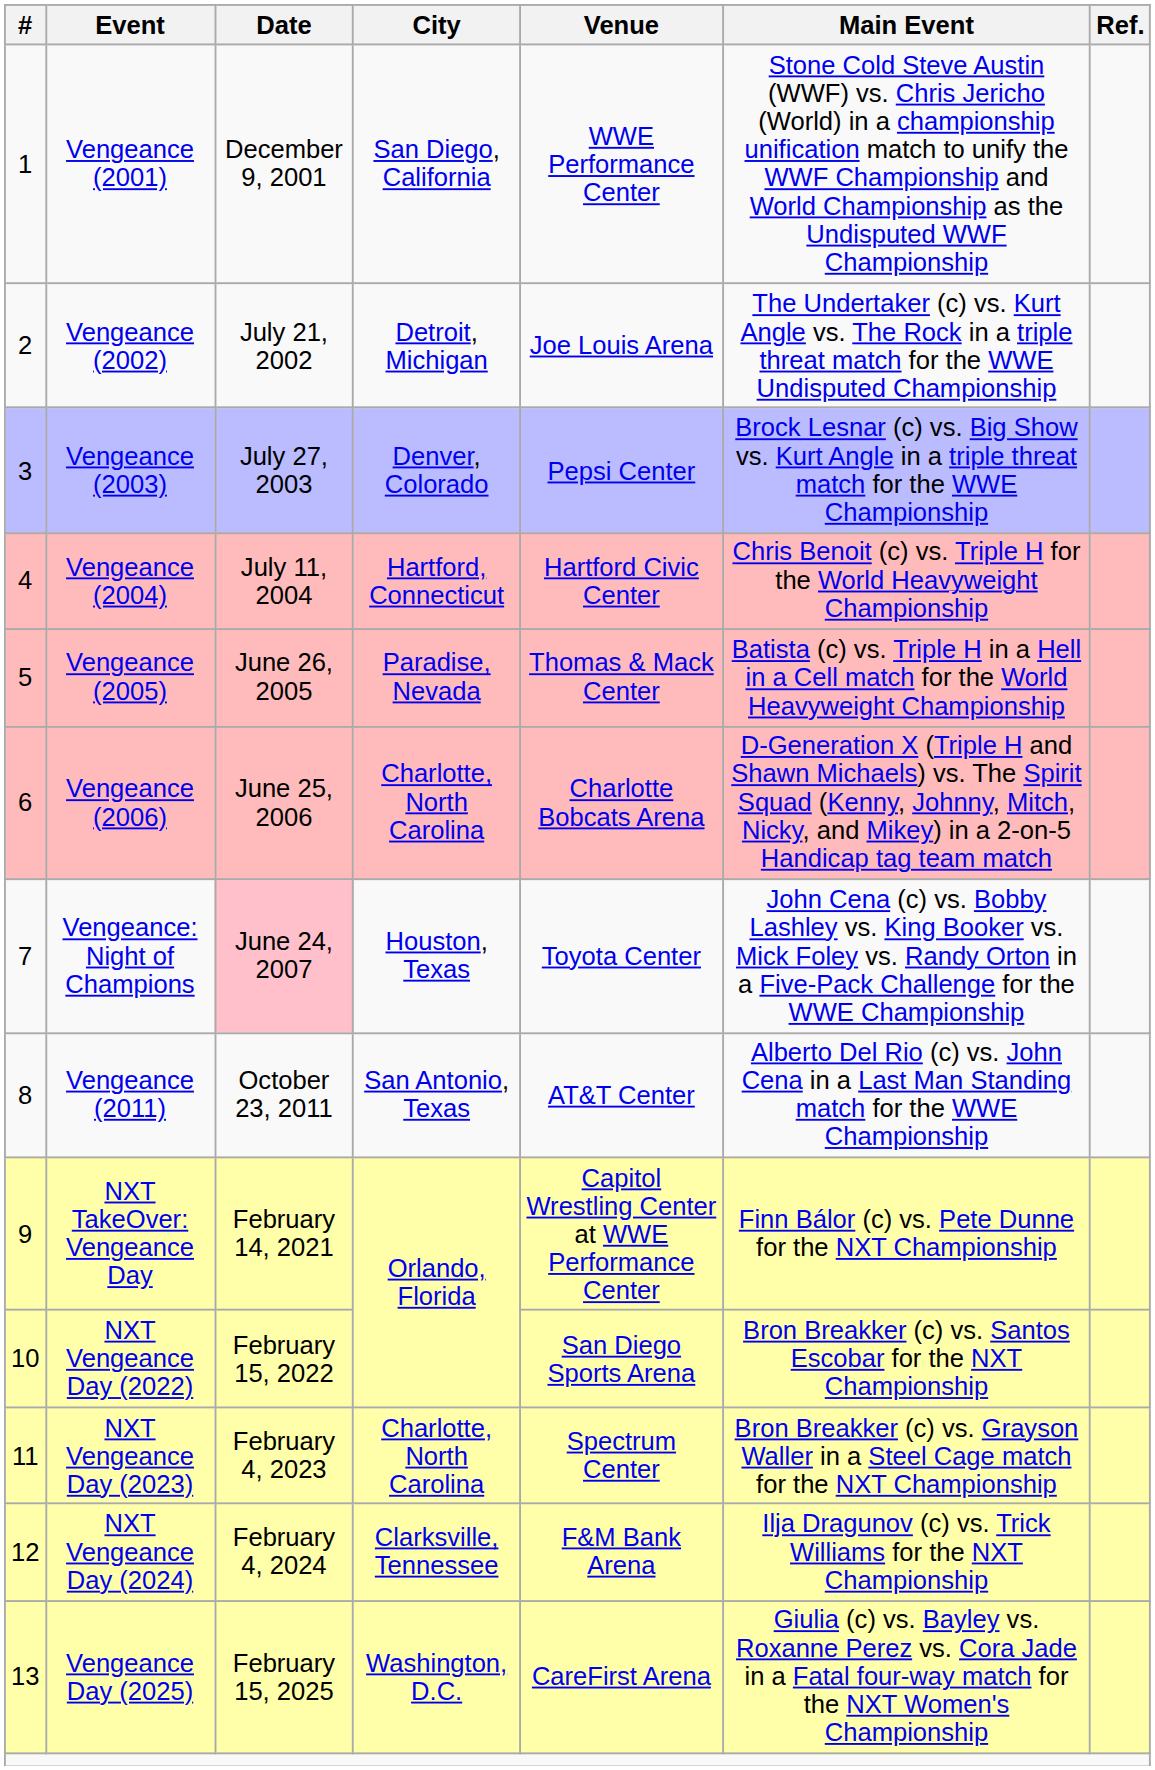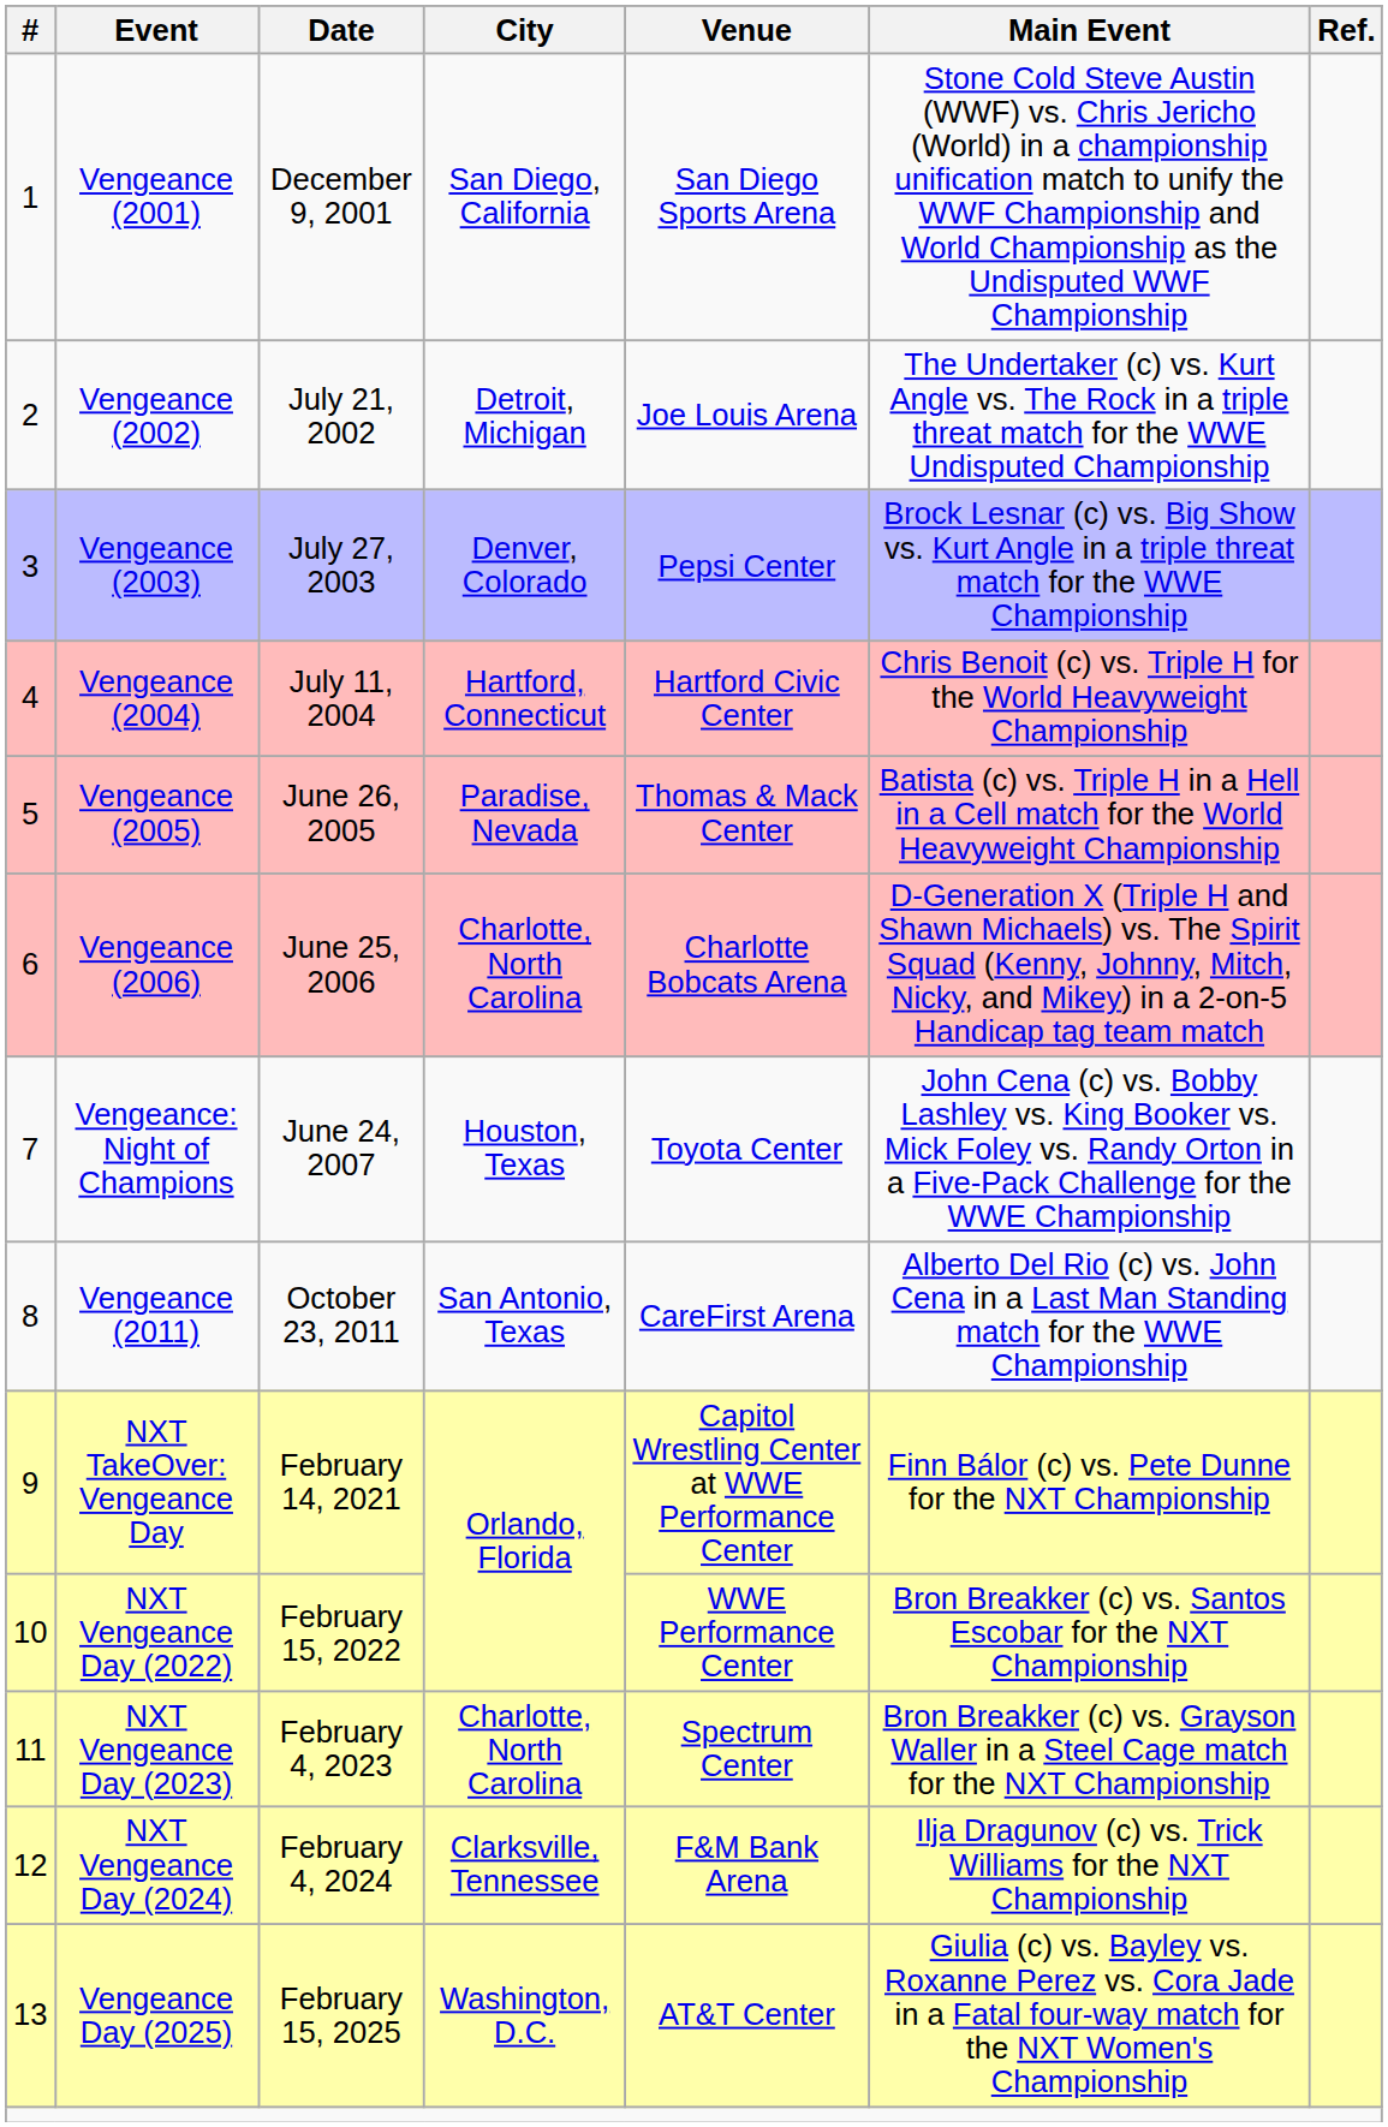 <table class="sortable wikitable succession-box" style="font-size:85%; text-align:center;">
 <tr>
 <th>#</th>
 <th>Event</th>
 <th>Date</th>
 <th>City</th>
 <th>Venue</th>
 <th>Main Event</th>
 <th>Ref.</th>
 </tr>
 <tr>
 <td>1</td>
 <td><a href='#'>Vengeance (2001)</a></td>
 <td>December 9, 2001</td>
 <td><a href='#'>San Diego</a>, <a href='#'>California</a></td>
-<td><a href='#'>WWE Performance Center</a></td>
+<td><a href='#'>San Diego Sports Arena</a></td>
 <td><a href='#'>Stone Cold Steve Austin</a> (WWF) vs. <a href='#'>Chris Jericho</a> (World) in a <a href='#'>championship unification</a> match to unify the <a href='#'>WWF Championship</a> and <a href='#'>World Championship</a> as the <a href='#'>Undisputed WWF Championship</a></td>
 <td></td>
 </tr>
 <tr>
 <td>2</td>
 <td><a href='#'>Vengeance (2002)</a></td>
 <td>July 21, 2002</td>
 <td><a href='#'>Detroit</a>, <a href='#'>Michigan</a></td>
 <td><a href='#'>Joe Louis Arena</a></td>
 <td><a href='#'>The Undertaker</a> (c) vs. <a href='#'>Kurt Angle</a> vs. <a href='#'>The Rock</a> in a <a href='#'>triple threat match</a> for the <a href='#'>WWE Undisputed Championship</a></td>
 <td></td>
 </tr>
 <tr style="background:#BBF;">
 <td>3</td>
 <td><a href='#'>Vengeance (2003)</a></td>
 <td>July 27, 2003</td>
 <td><a href='#'>Denver</a>, <a href='#'>Colorado</a></td>
 <td><a href='#'>Pepsi Center</a></td>
 <td><a href='#'>Brock Lesnar</a> (c) vs. <a href='#'>Big Show</a> vs. <a href='#'>Kurt Angle</a> in a <a href='#'>triple threat match</a> for the <a href='#'>WWE Championship</a></td>
 <td></td>
 </tr>
 <tr style="background: #FBB;">
 <td>4</td>
 <td><a href='#'>Vengeance (2004)</a></td>
 <td>July 11, 2004</td>
 <td><a href='#'>Hartford, Connecticut</a></td>
 <td><a href='#'>Hartford Civic Center</a></td>
 <td><a href='#'>Chris Benoit</a> (c) vs. <a href='#'>Triple H</a> for the <a href='#'>World Heavyweight Championship</a></td>
 <td></td>
 </tr>
 <tr style="background: #FBB;">
 <td>5</td>
 <td><a href='#'>Vengeance (2005)</a></td>
 <td>June 26, 2005</td>
 <td><a href='#'>Paradise, Nevada</a></td>
 <td><a href='#'>Thomas & Mack Center</a></td>
 <td><a href='#'>Batista</a> (c) vs. <a href='#'>Triple H</a> in a <a href='#'>Hell in a Cell match</a> for the <a href='#'>World Heavyweight Championship</a></td>
 <td></td>
 </tr>
 <tr style="background: #FBB;">
 <td>6</td>
 <td><a href='#'>Vengeance (2006)</a></td>
 <td>June 25, 2006</td>
 <td><a href='#'>Charlotte, North Carolina</a></td>
 <td><a href='#'>Charlotte Bobcats Arena</a></td>
 <td><a href='#'>D-Generation X</a> (<a href='#'>Triple H</a> and <a href='#'>Shawn Michaels</a>) vs. The <a href='#'>Spirit Squad</a> (<a href='#'>Kenny</a>, <a href='#'>Johnny</a>, <a href='#'>Mitch</a>, <a href='#'>Nicky</a>, and <a href='#'>Mikey</a>) in a 2-on-5 <a href='#'>Handicap tag team match</a></td>
 <td></td>
 </tr>
 <tr>
 <td>7</td>
 <td><a href='#'>Vengeance: Night of Champions</a></td>
-<td style="background: pink;">June 24, 2007</td>
+<td>June 24, 2007</td>
 <td><a href='#'>Houston</a>, <a href='#'>Texas</a></td>
 <td><a href='#'>Toyota Center</a></td>
 <td><a href='#'>John Cena</a> (c) vs. <a href='#'>Bobby Lashley</a> vs. <a href='#'>King Booker</a> vs. <a href='#'>Mick Foley</a> vs. <a href='#'>Randy Orton</a> in a <a href='#'>Five-Pack Challenge</a> for the <a href='#'>WWE Championship</a></td>
 <td></td>
 </tr>
 <tr>
 <td>8</td>
 <td><a href='#'>Vengeance (2011)</a></td>
 <td>October 23, 2011</td>
 <td><a href='#'>San Antonio</a>, <a href='#'>Texas</a></td>
-<td><a href='#'>AT&T Center</a></td>
+<td><a href='#'>CareFirst Arena</a></td>
 <td><a href='#'>Alberto Del Rio</a> (c) vs. <a href='#'>John Cena</a> in a <a href='#'>Last Man Standing match</a> for the <a href='#'>WWE Championship</a></td>
 <td></td>
 </tr>
 <tr style="background: #FFA;">
 <td>9</td>
 <td><a href='#'>NXT TakeOver: Vengeance Day</a></td>
 <td>February 14, 2021</td>
 <td rowspan="2"><a href='#'>Orlando, Florida</a></td>
 <td><a href='#'>Capitol Wrestling Center</a> at <a href='#'>WWE Performance Center</a></td>
 <td><a href='#'>Finn Bálor</a> (c) vs. <a href='#'>Pete Dunne</a> for the <a href='#'>NXT Championship</a></td>
 <td></td>
 </tr>
 <tr style="background: #FFA;">
 <td>10</td>
 <td><a href='#'>NXT Vengeance Day (2022)</a></td>
 <td>February 15, 2022</td>
-<td><a href='#'>San Diego Sports Arena</a></td>
+<td><a href='#'>WWE Performance Center</a></td>
 <td><a href='#'>Bron Breakker</a> (c) vs. <a href='#'>Santos Escobar</a> for the <a href='#'>NXT Championship</a></td>
 <td></td>
 </tr>
 <tr style="background: #FFA;">
 <td>11</td>
 <td><a href='#'>NXT Vengeance Day (2023)</a></td>
 <td>February 4, 2023</td>
 <td><a href='#'>Charlotte, North Carolina</a></td>
 <td><a href='#'>Spectrum Center</a></td>
 <td><a href='#'>Bron Breakker</a> (c) vs. <a href='#'>Grayson Waller</a> in a <a href='#'>Steel Cage match</a> for the <a href='#'>NXT Championship</a></td>
 <td></td>
 </tr>
 <tr style="background: #FFA;">
 <td>12</td>
 <td><a href='#'>NXT Vengeance Day (2024)</a></td>
 <td>February 4, 2024</td>
 <td><a href='#'>Clarksville, Tennessee</a></td>
 <td><a href='#'>F&M Bank Arena</a></td>
 <td><a href='#'>Ilja Dragunov</a> (c) vs. <a href='#'>Trick Williams</a> for the <a href='#'>NXT Championship</a></td>
 <td></td>
 </tr>
 <tr style="background: #FFA;">
 <td>13</td>
 <td><a href='#'>Vengeance Day (2025)</a></td>
 <td>February 15, 2025</td>
 <td><a href='#'>Washington, D.C.</a></td>
-<td><a href='#'>CareFirst Arena</a></td>
+<td><a href='#'>AT&T Center</a></td>
 <td><a href='#'>Giulia</a> (c) vs. <a href='#'>Bayley</a> vs. <a href='#'>Roxanne Perez</a> vs. <a href='#'>Cora Jade</a> in a <a href='#'>Fatal four-way match</a> for the <a href='#'>NXT Women's Championship</a></td>
 <td></td>
 </tr>
 <tr>
 <td colspan="9"></td>
 </tr>
 </table>
